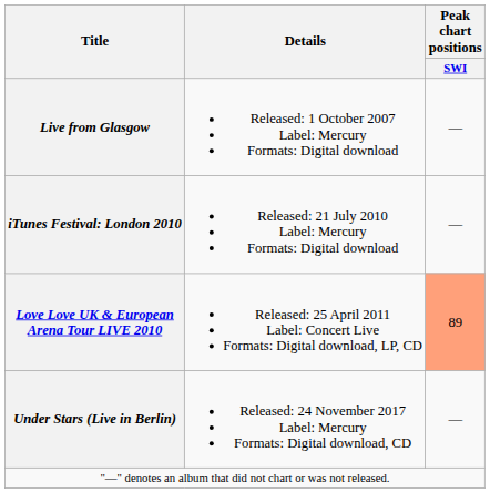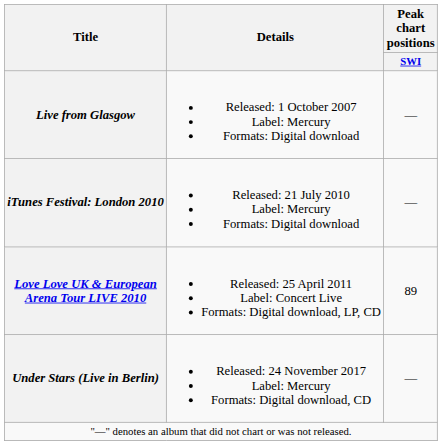 <table class="wikitable plainrowheaders" style="text-align:center;">
 <tr>
 <th scope="col" rowspan="2">Title</th>
 <th scope="col" rowspan="2">Details</th>
 <th scope="col">Peak chart positions</th>
 </tr>
 <tr>
 <th scope="col" style="width:3em;font-size:85%;"><a href='#'>SWI</a><br></th>
 </tr>
 <tr>
 <th scope="row"><em>Live from Glasgow</em></th>
 <td><br><ul><li>Released: 1 October 2007</li><li>Label: Mercury</li><li>Formats: Digital download</li></ul></td>
 <td>—</td>
 </tr>
 <tr>
 <th scope="row"><em>iTunes Festival: London 2010</em></th>
 <td><br><ul><li>Released: 21 July 2010</li><li>Label: Mercury</li><li>Formats: Digital download</li></ul></td>
 <td>—</td>
 </tr>
 <tr>
 <th scope="row"><em><a href='#'>Love Love UK & European<br>Arena Tour LIVE 2010</a></em></th>
 <td><br><ul><li>Released: 25 April 2011</li><li>Label: Concert Live</li><li>Formats: Digital download, LP, CD</li></ul></td>
-<td style="background: lightsalmon;">89</td>
+<td>89</td>
 </tr>
 <tr>
 <th scope="row"><em>Under Stars (Live in Berlin)</em></th>
 <td><br><ul><li>Released: 24 November 2017</li><li>Label: Mercury</li><li>Formats: Digital download, CD</li></ul></td>
 <td>—</td>
 </tr>
 <tr>
 <td colspan="20" style="text-align:center; font-size:85%;">"—" denotes an album that did not chart or was not released.</td>
 </tr>
 </table>
